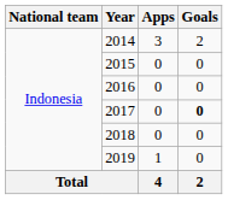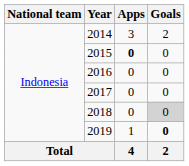 <table class="wikitable" style="text-align:center">
 <tr>
 <th>National team</th>
 <th>Year</th>
 <th>Apps</th>
 <th>Goals</th>
 </tr>
 <tr>
 <td rowspan=6><a href='#'>Indonesia</a></td>
 <td>2014</td>
 <td>3</td>
 <td>2</td>
 </tr>
 <tr>
 <td>2015</td>
-<td>0</td>
+<td><strong>0</strong></td>
 <td>0</td>
 </tr>
 <tr>
 <td>2016</td>
 <td>0</td>
 <td>0</td>
 </tr>
 <tr>
 <td>2017</td>
 <td>0</td>
-<td><strong>0</strong></td>
+<td>0</td>
 </tr>
 <tr>
 <td>2018</td>
 <td>0</td>
-<td>0</td>
+<td style="background: lightgrey;">0</td>
 </tr>
 <tr>
 <td>2019</td>
 <td>1</td>
-<td>0</td>
+<td><strong>0</strong></td>
 </tr>
 <tr>
 <th colspan=2>Total</th>
 <th>4</th>
 <th>2</th>
 </tr>
 </table>
